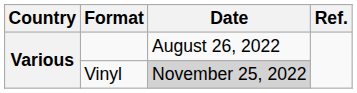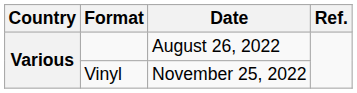 <table class="wikitable plainrowheaders">
 <tr>
 <th>Country</th>
 <th>Format</th>
 <th>Date</th>
 <th>Ref.</th>
 </tr>
 <tr>
 <th scope="row" rowspan="2">Various</th>
 <td></td>
 <td>August 26, 2022</td>
 <td rowspan="2"></td>
 </tr>
 <tr>
 <td>Vinyl</td>
-<td style="background: lightgrey;">November 25, 2022</td>
+<td>November 25, 2022</td>
 </tr>
 </table>
